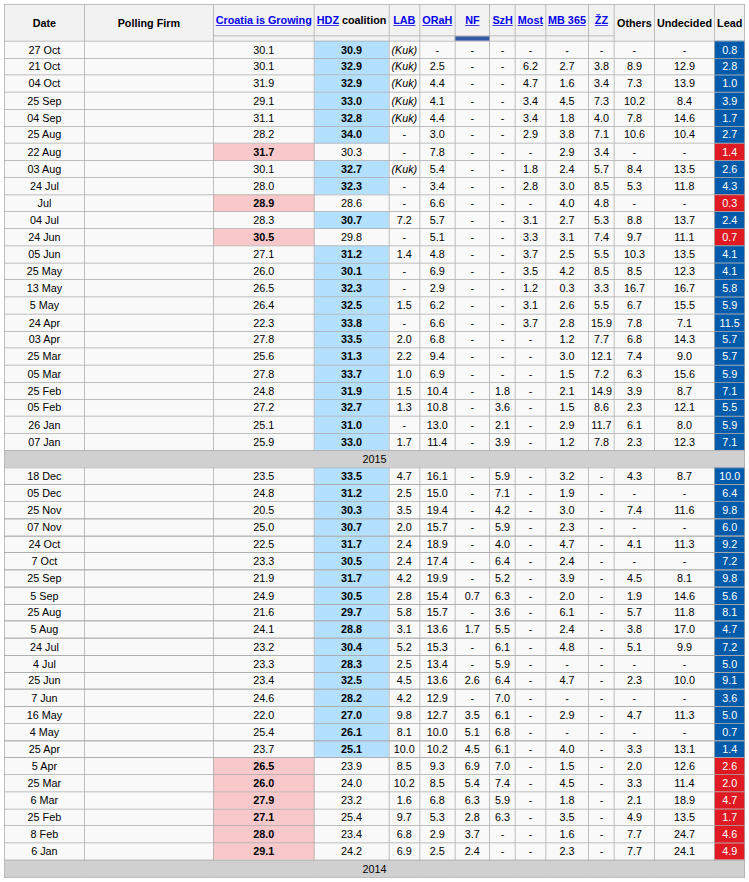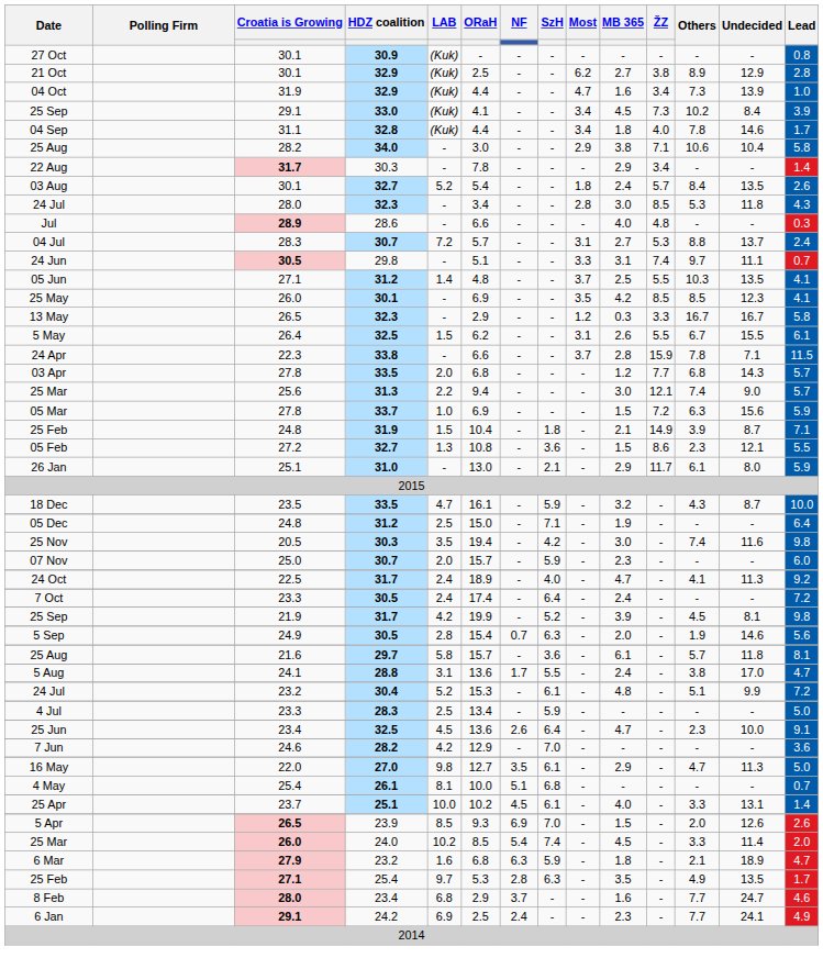 <table class="wikitable" style="text-align:center; font-size:90%; line-height:16px;">
 <tr style="height:42px;">
 <th style="width:100px;" rowspan="2">Date</th>
 <th style="width:165px;" rowspan="2">Polling Firm</th>
 <th><a href='#'>Croatia is Growing</a></th>
 <th><a href='#'>HDZ</a> coalition</th>
 <th><a href='#'><span>LAB</span></a></th>
 <th><a href='#'><span>ORaH</span></a></th>
 <th><a href='#'><span>NF</span></a></th>
 <th><a href='#'><span>SzH</span></a></th>
 <th><a href='#'><span>Most</span></a></th>
 <th><a href='#'><span>MB 365</span></a></th>
 <th><a href='#'><span>ŽZ</span></a></th>
 <th style="width:40px;" rowspan="2">Others</th>
 <th style="width:40px;" rowspan="2">Undecided</th>
 <th style="width:20px;" rowspan="2">Lead</th>
 </tr>
 <tr>
 <th style="background:"></th>
 <th style="background:"></th>
 <th style="background:"></th>
 <th style="background:"></th>
 <th style="background:#345AA6; width:40px;"></th>
 <th style="background:"></th>
 <th style="background:"></th>
 <th style="background:"></th>
 <th style="background:"></th>
 </tr>
 <tr>
 <td>27 Oct</td>
 <td></td>
 <td>30.1</td>
 <td style="background:#B3E0FF"><strong>30.9</strong></td>
 <td><em>(Kuk)</em></td>
 <td>-</td>
 <td>-</td>
 <td>-</td>
 <td>-</td>
 <td>-</td>
 <td>-</td>
 <td>-</td>
 <td>-</td>
 <td style="background:#005BAA; color:white;">0.8</td>
 </tr>
 <tr>
 <td>21 Oct</td>
 <td></td>
 <td>30.1</td>
 <td style="background:#B3E0FF"><strong>32.9</strong></td>
 <td><em>(Kuk)</em></td>
 <td>2.5</td>
 <td>-</td>
 <td>-</td>
 <td>6.2</td>
 <td>2.7</td>
 <td>3.8</td>
 <td>8.9</td>
 <td>12.9</td>
 <td style="background:#005BAA; color:white;">2.8</td>
 </tr>
 <tr>
 <td>04 Oct</td>
 <td></td>
 <td>31.9</td>
 <td style="background:#B3E0FF"><strong>32.9</strong></td>
 <td><em>(Kuk)</em></td>
 <td>4.4</td>
 <td>-</td>
 <td>-</td>
 <td>4.7</td>
 <td>1.6</td>
 <td>3.4</td>
 <td>7.3</td>
 <td>13.9</td>
 <td style="background:#005BAA; color:white;">1.0</td>
 </tr>
 <tr>
 <td>25 Sep</td>
 <td></td>
 <td>29.1</td>
 <td style="background:#B3E0FF"><strong>33.0</strong></td>
 <td><em>(Kuk)</em></td>
 <td>4.1</td>
 <td>-</td>
 <td>-</td>
 <td>3.4</td>
 <td>4.5</td>
 <td>7.3</td>
 <td>10.2</td>
 <td>8.4</td>
 <td style="background:#005BAA; color:white;">3.9</td>
 </tr>
 <tr>
 <td>04 Sep</td>
 <td></td>
 <td>31.1</td>
 <td style="background:#B3E0FF"><strong>32.8</strong></td>
 <td><em>(Kuk)</em></td>
 <td>4.4</td>
 <td>-</td>
 <td>-</td>
 <td>3.4</td>
 <td>1.8</td>
 <td>4.0</td>
 <td>7.8</td>
 <td>14.6</td>
 <td style="background:#005BAA; color:white;">1.7</td>
 </tr>
 <tr>
 <td>25 Aug</td>
 <td></td>
 <td>28.2</td>
 <td style="background:#B3E0FF"><strong>34.0</strong></td>
 <td>-</td>
 <td>3.0</td>
 <td>-</td>
 <td>-</td>
 <td>2.9</td>
 <td>3.8</td>
 <td>7.1</td>
 <td>10.6</td>
 <td>10.4</td>
-<td style="background:#005BAA; color:white;">2.7</td>
+<td style="background:#005BAA; color:white;">5.8</td>
 </tr>
 <tr>
 <td>22 Aug</td>
 <td></td>
 <td style="background:#F9C8CA"><strong>31.7</strong></td>
 <td>30.3</td>
 <td>-</td>
 <td>7.8</td>
 <td>-</td>
 <td>-</td>
 <td>-</td>
 <td>2.9</td>
 <td>3.4</td>
 <td>-</td>
 <td>-</td>
 <td style="background:#DF1A22; color:white;">1.4</td>
 </tr>
 <tr>
 <td>03 Aug</td>
 <td></td>
 <td>30.1</td>
 <td style="background:#B3E0FF"><strong>32.7</strong></td>
-<td><em>(Kuk)</em></td>
+<td>5.2</td>
 <td>5.4</td>
 <td>-</td>
 <td>-</td>
 <td>1.8</td>
 <td>2.4</td>
 <td>5.7</td>
 <td>8.4</td>
 <td>13.5</td>
 <td style="background:#005BAA; color:white;">2.6</td>
 </tr>
 <tr>
 <td>24 Jul</td>
 <td></td>
 <td>28.0</td>
 <td style="background:#B3E0FF"><strong>32.3</strong></td>
 <td>-</td>
 <td>3.4</td>
 <td>-</td>
 <td>-</td>
 <td>2.8</td>
 <td>3.0</td>
 <td>8.5</td>
 <td>5.3</td>
 <td>11.8</td>
 <td style="background:#005BAA; color:white;">4.3</td>
 </tr>
 <tr>
 <td>Jul</td>
 <td></td>
 <td style="background:#F9C8CA"><strong>28.9</strong></td>
 <td>28.6</td>
 <td>-</td>
 <td>6.6</td>
 <td>-</td>
 <td>-</td>
 <td>-</td>
 <td>4.0</td>
 <td>4.8</td>
 <td>-</td>
 <td>-</td>
 <td style="background:#DF1A22; color:white;">0.3</td>
 </tr>
 <tr>
 <td>04 Jul</td>
 <td></td>
 <td>28.3</td>
 <td style="background:#B3E0FF"><strong>30.7</strong></td>
 <td>7.2</td>
 <td>5.7</td>
 <td>-</td>
 <td>-</td>
 <td>3.1</td>
 <td>2.7</td>
 <td>5.3</td>
 <td>8.8</td>
 <td>13.7</td>
 <td style="background:#005BAA; color:white;">2.4</td>
 </tr>
 <tr>
 <td>24 Jun</td>
 <td></td>
 <td style="background:#F9C8CA"><strong>30.5</strong></td>
 <td>29.8</td>
 <td>-</td>
 <td>5.1</td>
 <td>-</td>
 <td>-</td>
 <td>3.3</td>
 <td>3.1</td>
 <td>7.4</td>
 <td>9.7</td>
 <td>11.1</td>
 <td style="background:#DF1A22; color:white;">0.7</td>
 </tr>
 <tr>
 <td>05 Jun</td>
 <td></td>
 <td>27.1</td>
 <td style="background:#B3E0FF"><strong>31.2</strong></td>
 <td>1.4</td>
 <td>4.8</td>
 <td>-</td>
 <td>-</td>
 <td>3.7</td>
 <td>2.5</td>
 <td>5.5</td>
 <td>10.3</td>
 <td>13.5</td>
 <td style="background:#005BAA; color:white;">4.1</td>
 </tr>
 <tr>
 <td>25 May</td>
 <td></td>
 <td>26.0</td>
 <td style="background:#B3E0FF"><strong>30.1</strong></td>
 <td>-</td>
 <td>6.9</td>
 <td>-</td>
 <td>-</td>
 <td>3.5</td>
 <td>4.2</td>
 <td>8.5</td>
 <td>8.5</td>
 <td>12.3</td>
 <td style="background:#005BAA; color:white;">4.1</td>
 </tr>
 <tr>
 <td>13 May</td>
 <td></td>
 <td>26.5</td>
 <td style="background:#B3E0FF"><strong>32.3</strong></td>
 <td>-</td>
 <td>2.9</td>
 <td>-</td>
 <td>-</td>
 <td>1.2</td>
 <td>0.3</td>
 <td>3.3</td>
 <td>16.7</td>
 <td>16.7</td>
 <td style="background:#005BAA; color:white;">5.8</td>
 </tr>
 <tr>
 <td>5 May</td>
 <td></td>
 <td>26.4</td>
 <td style="background:#B3E0FF"><strong>32.5</strong></td>
 <td>1.5</td>
 <td>6.2</td>
 <td>-</td>
 <td>-</td>
 <td>3.1</td>
 <td>2.6</td>
 <td>5.5</td>
 <td>6.7</td>
 <td>15.5</td>
-<td style="background:#005BAA; color:white;">5.9</td>
+<td style="background:#005BAA; color:white;">6.1</td>
 </tr>
 <tr>
 <td>24 Apr</td>
 <td></td>
 <td>22.3</td>
 <td style="background:#B3E0FF"><strong>33.8</strong></td>
 <td>-</td>
 <td>6.6</td>
 <td>-</td>
 <td>-</td>
 <td>3.7</td>
 <td>2.8</td>
 <td>15.9</td>
 <td>7.8</td>
 <td>7.1</td>
 <td style="background:#005BAA; color:white;">11.5</td>
 </tr>
 <tr>
 <td>03 Apr</td>
 <td></td>
 <td>27.8</td>
 <td style="background:#B3E0FF"><strong>33.5</strong></td>
 <td>2.0</td>
 <td>6.8</td>
 <td>-</td>
 <td>-</td>
 <td>-</td>
 <td>1.2</td>
 <td>7.7</td>
 <td>6.8</td>
 <td>14.3</td>
 <td style="background:#005BAA; color:white;">5.7</td>
 </tr>
 <tr>
 <td>25 Mar</td>
 <td></td>
 <td>25.6</td>
 <td style="background:#B3E0FF"><strong>31.3</strong></td>
 <td>2.2</td>
 <td>9.4</td>
 <td>-</td>
 <td>-</td>
 <td>-</td>
 <td>3.0</td>
 <td>12.1</td>
 <td>7.4</td>
 <td>9.0</td>
 <td style="background:#005BAA; color:white;">5.7</td>
 </tr>
 <tr>
 <td>05 Mar</td>
 <td></td>
 <td>27.8</td>
 <td style="background:#B3E0FF"><strong>33.7</strong></td>
 <td>1.0</td>
 <td>6.9</td>
 <td>-</td>
 <td>-</td>
 <td>-</td>
 <td>1.5</td>
 <td>7.2</td>
 <td>6.3</td>
 <td>15.6</td>
 <td style="background:#005BAA; color:white;">5.9</td>
 </tr>
 <tr>
 <td>25 Feb</td>
 <td></td>
 <td>24.8</td>
 <td style="background:#B3E0FF"><strong>31.9</strong></td>
 <td>1.5</td>
 <td>10.4</td>
 <td>-</td>
 <td>1.8</td>
 <td>-</td>
 <td>2.1</td>
 <td>14.9</td>
 <td>3.9</td>
 <td>8.7</td>
 <td style="background:#005BAA; color:white;">7.1</td>
 </tr>
 <tr>
 <td>05 Feb</td>
 <td></td>
 <td>27.2</td>
 <td style="background:#B3E0FF"><strong>32.7</strong></td>
 <td>1.3</td>
 <td>10.8</td>
 <td>-</td>
 <td>3.6</td>
 <td>-</td>
 <td>1.5</td>
 <td>8.6</td>
 <td>2.3</td>
 <td>12.1</td>
 <td style="background:#005BAA; color:white;">5.5</td>
 </tr>
 <tr>
 <td>26 Jan</td>
 <td></td>
 <td>25.1</td>
 <td style="background:#B3E0FF"><strong>31.0</strong></td>
 <td>-</td>
 <td>13.0</td>
 <td>-</td>
 <td>2.1</td>
 <td>-</td>
 <td>2.9</td>
 <td>11.7</td>
 <td>6.1</td>
 <td>8.0</td>
 <td style="background:#005BAA; color:white;">5.9</td>
-</tr>
-<tr>
-<td>07 Jan</td>
-<td></td>
-<td>25.9</td>
-<td style="background:#B3E0FF"><strong>33.0</strong></td>
-<td>1.7</td>
-<td>11.4</td>
-<td>-</td>
-<td>3.9</td>
-<td>-</td>
-<td>1.2</td>
-<td>7.8</td>
-<td>2.3</td>
-<td>12.3</td>
-<td style="background:#005BAA; color:white;">7.1</td>
 </tr>
 <tr>
 <td colspan="14" style="background:#D0D0D0; color:black">2015</td>
 </tr>
 <tr>
 <td>18 Dec</td>
 <td></td>
 <td>23.5</td>
 <td style="background:#B3E0FF"><strong>33.5</strong></td>
 <td>4.7</td>
 <td>16.1</td>
 <td>-</td>
 <td>5.9</td>
 <td>-</td>
 <td>3.2</td>
 <td>-</td>
 <td>4.3</td>
 <td>8.7</td>
 <td style="background:#005BAA; color:white;">10.0</td>
 </tr>
 <tr>
 </tr>
 <tr>
 <td>05 Dec</td>
 <td></td>
 <td>24.8</td>
 <td style="background:#B3E0FF"><strong>31.2</strong></td>
 <td>2.5</td>
 <td>15.0</td>
 <td>-</td>
 <td>7.1</td>
 <td>-</td>
 <td>1.9</td>
 <td>-</td>
 <td>-</td>
 <td>-</td>
 <td style="background:#005BAA; color:white;">6.4</td>
 </tr>
 <tr>
 <td>25 Nov</td>
 <td></td>
 <td>20.5</td>
 <td style="background:#B3E0FF"><strong>30.3</strong></td>
 <td>3.5</td>
 <td>19.4</td>
 <td>-</td>
 <td>4.2</td>
 <td>-</td>
 <td>3.0</td>
 <td>-</td>
 <td>7.4</td>
 <td>11.6</td>
 <td style="background:#005BAA; color:white;">9.8</td>
 </tr>
 <tr>
 </tr>
 <tr>
 <td>07 Nov</td>
 <td></td>
 <td>25.0</td>
 <td style="background:#B3E0FF"><strong>30.7</strong></td>
 <td>2.0</td>
 <td>15.7</td>
 <td>-</td>
 <td>5.9</td>
 <td>-</td>
 <td>2.3</td>
 <td>-</td>
 <td>-</td>
 <td>-</td>
 <td style="background:#005BAA; color:white;">6.0</td>
 </tr>
 <tr>
 </tr>
 <tr>
 <td>24 Oct</td>
 <td></td>
 <td>22.5</td>
 <td style="background:#B3E0FF"><strong>31.7</strong></td>
 <td>2.4</td>
 <td>18.9</td>
 <td>-</td>
 <td>4.0</td>
 <td>-</td>
 <td>4.7</td>
 <td>-</td>
 <td>4.1</td>
 <td>11.3</td>
 <td style="background:#005BAA; color:white;">9.2</td>
 </tr>
 <tr>
 </tr>
 <tr>
 <td>7 Oct</td>
 <td></td>
 <td>23.3</td>
 <td style="background:#B3E0FF"><strong>30.5</strong></td>
 <td>2.4</td>
 <td>17.4</td>
 <td>-</td>
 <td>6.4</td>
 <td>-</td>
 <td>2.4</td>
 <td>-</td>
 <td>-</td>
 <td>-</td>
 <td style="background:#005BAA; color:white;">7.2</td>
 </tr>
 <tr>
 </tr>
 <tr>
 <td>25 Sep</td>
 <td></td>
 <td>21.9</td>
 <td style="background:#B3E0FF"><strong>31.7</strong></td>
 <td>4.2</td>
 <td>19.9</td>
 <td>-</td>
 <td>5.2</td>
 <td>-</td>
 <td>3.9</td>
 <td>-</td>
 <td>4.5</td>
 <td>8.1</td>
 <td style="background:#005BAA; color:white;">9.8</td>
 </tr>
 <tr>
 </tr>
 <tr>
 <td>5 Sep</td>
 <td></td>
 <td>24.9</td>
 <td style="background:#B3E0FF"><strong>30.5</strong></td>
 <td>2.8</td>
 <td>15.4</td>
 <td>0.7</td>
 <td>6.3</td>
 <td>-</td>
 <td>2.0</td>
 <td>-</td>
 <td>1.9</td>
 <td>14.6</td>
 <td style="background:#005BAA; color:white;">5.6</td>
 </tr>
 <tr>
 </tr>
 <tr>
 <td>25 Aug</td>
 <td></td>
 <td>21.6</td>
 <td style="background:#B3E0FF"><strong>29.7</strong></td>
 <td>5.8</td>
 <td>15.7</td>
 <td>-</td>
 <td>3.6</td>
 <td>-</td>
 <td>6.1</td>
 <td>-</td>
 <td>5.7</td>
 <td>11.8</td>
 <td style="background:#005BAA; color:white;">8.1</td>
 </tr>
 <tr>
 </tr>
 <tr>
 <td>5 Aug</td>
 <td></td>
 <td>24.1</td>
 <td style="background:#B3E0FF"><strong>28.8</strong></td>
 <td>3.1</td>
 <td>13.6</td>
 <td>1.7</td>
 <td>5.5</td>
 <td>-</td>
 <td>2.4</td>
 <td>-</td>
 <td>3.8</td>
 <td>17.0</td>
 <td style="background:#005BAA; color:white;">4.7</td>
 </tr>
 <tr>
 </tr>
 <tr>
 <td>24 Jul</td>
 <td></td>
 <td>23.2</td>
 <td style="background:#B3E0FF"><strong>30.4</strong></td>
 <td>5.2</td>
 <td>15.3</td>
 <td>-</td>
 <td>6.1</td>
 <td>-</td>
 <td>4.8</td>
 <td>-</td>
 <td>5.1</td>
 <td>9.9</td>
 <td style="background:#005BAA; color:white;">7.2</td>
 </tr>
 <tr>
 </tr>
 <tr>
 <td>4 Jul</td>
 <td></td>
 <td>23.3</td>
 <td style="background:#B3E0FF"><strong>28.3</strong></td>
 <td>2.5</td>
 <td>13.4</td>
 <td>-</td>
 <td>5.9</td>
 <td>-</td>
 <td>-</td>
 <td>-</td>
 <td>-</td>
 <td>-</td>
 <td style="background:#005BAA; color:white;">5.0</td>
 </tr>
 <tr>
 </tr>
 <tr>
 <td>25 Jun</td>
 <td></td>
 <td>23.4</td>
 <td style="background:#B3E0FF"><strong>32.5</strong></td>
 <td>4.5</td>
 <td>13.6</td>
 <td>2.6</td>
 <td>6.4</td>
 <td>-</td>
 <td>4.7</td>
 <td>-</td>
 <td>2.3</td>
 <td>10.0</td>
 <td style="background:#005BAA; color:white;">9.1</td>
 </tr>
 <tr>
 </tr>
 <tr>
 <td>7 Jun</td>
 <td></td>
 <td>24.6</td>
 <td style="background:#B3E0FF"><strong>28.2</strong></td>
 <td>4.2</td>
 <td>12.9</td>
 <td>-</td>
 <td>7.0</td>
 <td>-</td>
 <td>-</td>
 <td>-</td>
 <td>-</td>
 <td>-</td>
 <td style="background:#005BAA; color:white;">3.6</td>
 </tr>
 <tr>
 </tr>
 <tr>
 <td>16 May</td>
 <td></td>
 <td>22.0</td>
 <td style="background:#B3E0FF"><strong>27.0</strong></td>
 <td>9.8</td>
 <td>12.7</td>
 <td>3.5</td>
 <td>6.1</td>
 <td>-</td>
 <td>2.9</td>
 <td>-</td>
 <td>4.7</td>
 <td>11.3</td>
 <td style="background:#005BAA; color:white;">5.0</td>
 </tr>
 <tr>
 <td>4 May</td>
 <td></td>
 <td>25.4</td>
 <td style="background:#B3E0FF"><strong>26.1</strong></td>
 <td>8.1</td>
 <td>10.0</td>
 <td>5.1</td>
 <td>6.8</td>
 <td>-</td>
 <td>-</td>
 <td>-</td>
 <td>-</td>
 <td>-</td>
 <td style="background:#005BAA; color:white;">0.7</td>
 </tr>
 <tr>
 </tr>
 <tr>
 <td>25 Apr</td>
 <td></td>
 <td>23.7</td>
 <td style="background:#B3E0FF"><strong>25.1</strong></td>
 <td>10.0</td>
 <td>10.2</td>
 <td>4.5</td>
 <td>6.1</td>
 <td>-</td>
 <td>4.0</td>
 <td>-</td>
 <td>3.3</td>
 <td>13.1</td>
 <td style="background:#005BAA; color:white;">1.4</td>
 </tr>
 <tr>
 </tr>
 <tr>
 <td>5 Apr</td>
 <td></td>
 <td style="background:#F9C8CA"><strong>26.5</strong></td>
 <td>23.9</td>
 <td>8.5</td>
 <td>9.3</td>
 <td>6.9</td>
 <td>7.0</td>
 <td>-</td>
 <td>1.5</td>
 <td>-</td>
 <td>2.0</td>
 <td>12.6</td>
 <td style="background:#DF1A22; color:white;">2.6</td>
 </tr>
 <tr>
 <td>25 Mar</td>
 <td></td>
 <td style="background:#F9C8CA"><strong>26.0</strong></td>
 <td>24.0</td>
 <td>10.2</td>
 <td>8.5</td>
 <td>5.4</td>
 <td>7.4</td>
 <td>-</td>
 <td>4.5</td>
 <td>-</td>
 <td>3.3</td>
 <td>11.4</td>
 <td style="background:#DF1A22; color:white;">2.0</td>
 </tr>
 <tr>
 <td>6 Mar</td>
 <td></td>
 <td style="background:#F9C8CA"><strong>27.9</strong></td>
 <td>23.2</td>
 <td>1.6</td>
 <td>6.8</td>
 <td>6.3</td>
 <td>5.9</td>
 <td>-</td>
 <td>1.8</td>
 <td>-</td>
 <td>2.1</td>
 <td>18.9</td>
 <td style="background:#DF1A22; color:white;">4.7</td>
 </tr>
 <tr>
 <td>25 Feb</td>
 <td></td>
 <td style="background:#F9C8CA"><strong>27.1</strong></td>
 <td>25.4</td>
 <td>9.7</td>
 <td>5.3</td>
 <td>2.8</td>
 <td>6.3</td>
 <td>-</td>
 <td>3.5</td>
 <td>-</td>
 <td>4.9</td>
 <td>13.5</td>
 <td style="background:#DF1A22; color:white;">1.7</td>
 </tr>
 <tr>
 <td>8 Feb</td>
 <td></td>
 <td style="background:#F9C8CA"><strong>28.0</strong></td>
 <td>23.4</td>
 <td>6.8</td>
 <td>2.9</td>
 <td>3.7</td>
 <td>-</td>
 <td>-</td>
 <td>1.6</td>
 <td>-</td>
 <td>7.7</td>
 <td>24.7</td>
 <td style="background:#DF1A22; color:white;">4.6</td>
 </tr>
 <tr>
 <td>6 Jan</td>
 <td></td>
 <td style="background:#F9C8CA"><strong>29.1</strong></td>
 <td>24.2</td>
 <td>6.9</td>
 <td>2.5</td>
 <td>2.4</td>
 <td>-</td>
 <td>-</td>
 <td>2.3</td>
 <td>-</td>
 <td>7.7</td>
 <td>24.1</td>
 <td style="background:#DF1A22; color:white;">4.9</td>
 </tr>
 <tr>
 <td colspan="14" style="background:#D0D0D0; color:black">2014</td>
 </tr>
 </table>
